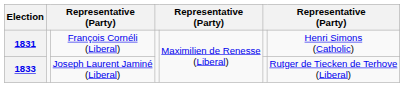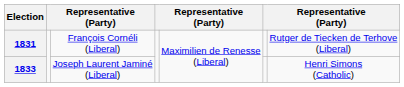 <table class="wikitable" style="text-align:center">
 <tr>
 <th>Election</th>
 <th colspan=2>Representative<br>(Party)</th>
 <th colspan=2>Representative<br>(Party)</th>
 <th colspan=2>Representative<br>(Party)</th>
 </tr>
 <tr>
 <th><a href='#'>1831</a></th>
 <td rowspan=2; style="background-color: "></td>
 <td rowspan=1><a href='#'>François Cornéli</a><br>(<a href='#'>Liberal</a>)</td>
 <td rowspan=2; style="background-color: "></td>
 <td rowspan=2><a href='#'>Maximilien de Renesse</a><br>(<a href='#'>Liberal</a>)</td>
 <td rowspan=1; style="background-color: "></td>
-<td rowspan=1><a href='#'>Henri Simons</a><br>(<a href='#'>Catholic</a>)</td>
+<td rowspan=1><a href='#'>Rutger de Tiecken de Terhove</a><br>(<a href='#'>Liberal</a>)</td>
 </tr>
 <tr>
 <th><a href='#'>1833</a></th>
 <td rowspan=1><a href='#'>Joseph Laurent Jaminé</a><br>(<a href='#'>Liberal</a>)</td>
 <td rowspan=1; style="background-color: "></td>
-<td rowspan=1><a href='#'>Rutger de Tiecken de Terhove</a><br>(<a href='#'>Liberal</a>)</td>
+<td rowspan=1><a href='#'>Henri Simons</a><br>(<a href='#'>Catholic</a>)</td>
 </tr>
 </table>
